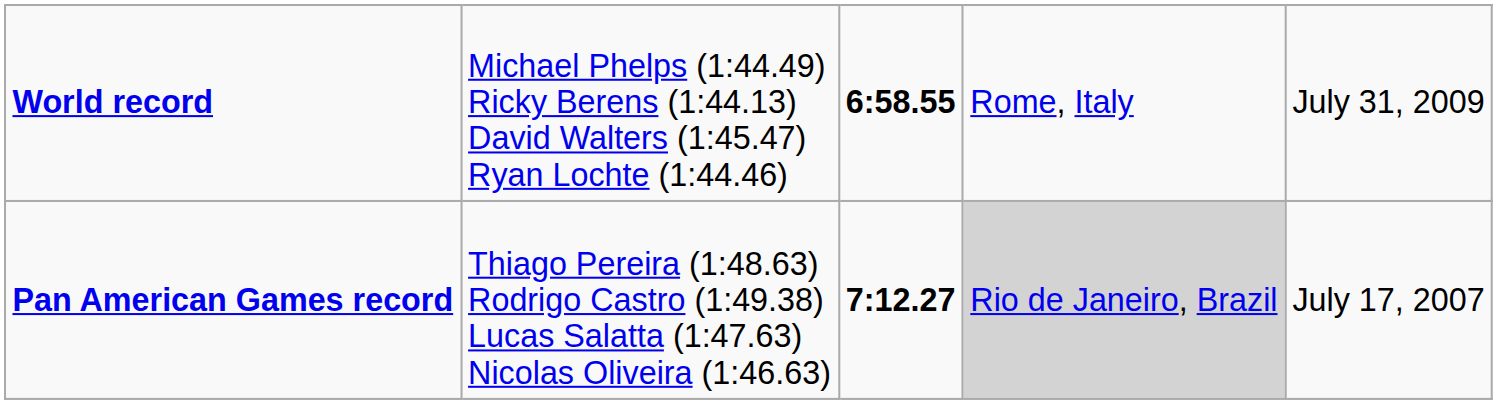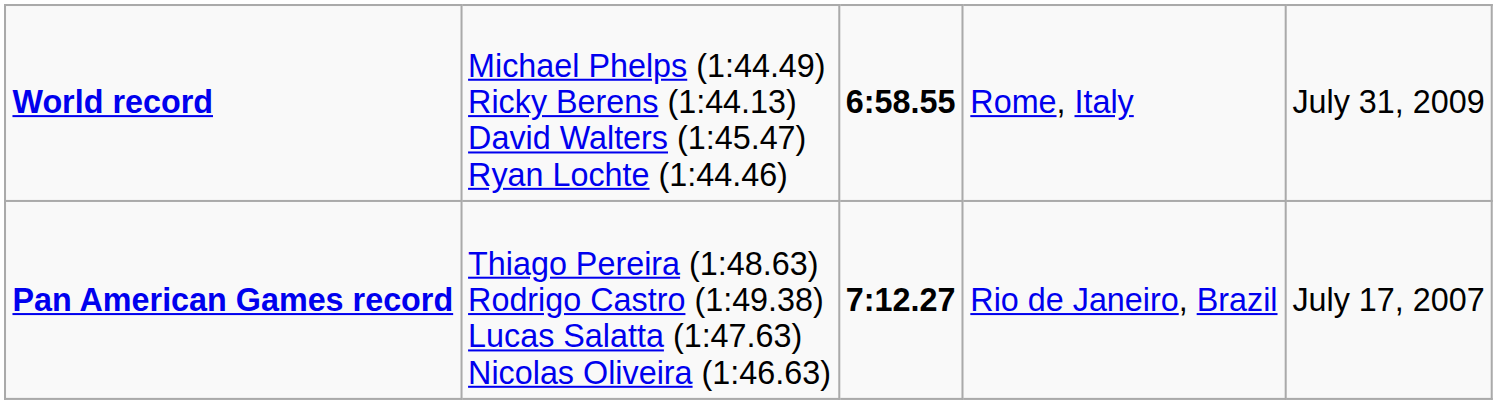 <table class="wikitable">
 <tr>
 <td><strong><a href='#'>World record</a></strong></td>
 <td><br><a href='#'>Michael Phelps</a> (1:44.49)<br><a href='#'>Ricky Berens</a> (1:44.13)<br><a href='#'>David Walters</a> (1:45.47)<br><a href='#'>Ryan Lochte</a> (1:44.46)</td>
 <td><strong>6:58.55</strong></td>
 <td><a href='#'>Rome</a>, <a href='#'>Italy</a></td>
 <td>July 31, 2009</td>
 </tr>
 <tr>
 <td><strong><a href='#'>Pan American Games record</a></strong></td>
 <td><br><a href='#'>Thiago Pereira</a> (1:48.63)<br><a href='#'>Rodrigo Castro</a> (1:49.38)<br><a href='#'>Lucas Salatta</a> (1:47.63)<br><a href='#'>Nicolas Oliveira</a>  (1:46.63)</td>
 <td><strong>7:12.27</strong></td>
-<td style="background: lightgrey;"><a href='#'>Rio de Janeiro</a>, <a href='#'>Brazil</a></td>
+<td><a href='#'>Rio de Janeiro</a>, <a href='#'>Brazil</a></td>
 <td>July 17, 2007</td>
 </tr>
 </table>
